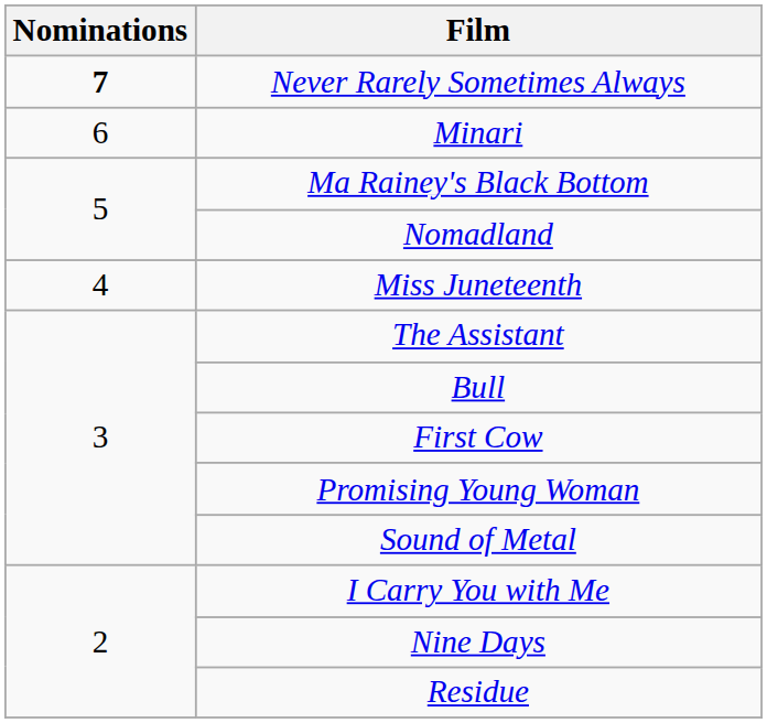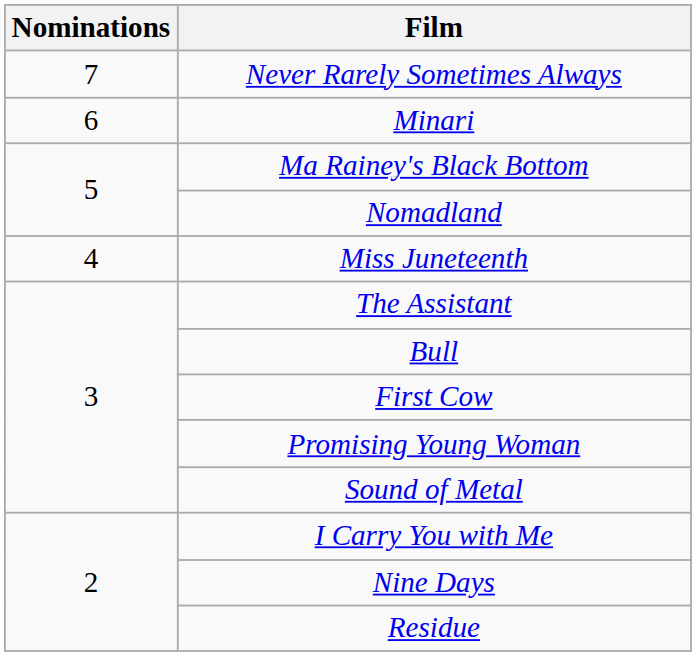 <table class="wikitable" rowspan=2 border=2 style="text-align:center;">
 <tr>
 <th scope="col" width="50">Nominations</th>
 <th scope="col" width="275">Film</th>
 </tr>
 <tr>
-<td><strong>7</strong></td>
+<td>7</td>
 <td><em><a href='#'>Never Rarely Sometimes Always</a></em></td>
 </tr>
 <tr>
 <td>6</td>
 <td><em><a href='#'>Minari</a></em></td>
 </tr>
 <tr>
 <td rowspan=2 style="text-align:center;">5</td>
 <td><em><a href='#'>Ma Rainey's Black Bottom</a></em></td>
 </tr>
 <tr>
 <td><em><a href='#'>Nomadland</a></em></td>
 </tr>
 <tr>
 <td>4</td>
 <td><em><a href='#'>Miss Juneteenth</a></em></td>
 </tr>
 <tr>
 <td rowspan=5 style="text-align:center;">3</td>
 <td><em><a href='#'>The Assistant</a></em></td>
 </tr>
 <tr>
 <td><em><a href='#'>Bull</a></em></td>
 </tr>
 <tr>
 <td><em><a href='#'>First Cow</a></em></td>
 </tr>
 <tr>
 <td><em><a href='#'>Promising Young Woman</a></em></td>
 </tr>
 <tr>
 <td><em><a href='#'>Sound of Metal</a></em></td>
 </tr>
 <tr>
 <td rowspan=3 style="text-align:center;">2</td>
 <td><em><a href='#'>I Carry You with Me</a></em></td>
 </tr>
 <tr>
 <td><em><a href='#'>Nine Days</a></em></td>
 </tr>
 <tr>
 <td><em><a href='#'>Residue</a></em></td>
 </tr>
 </table>
